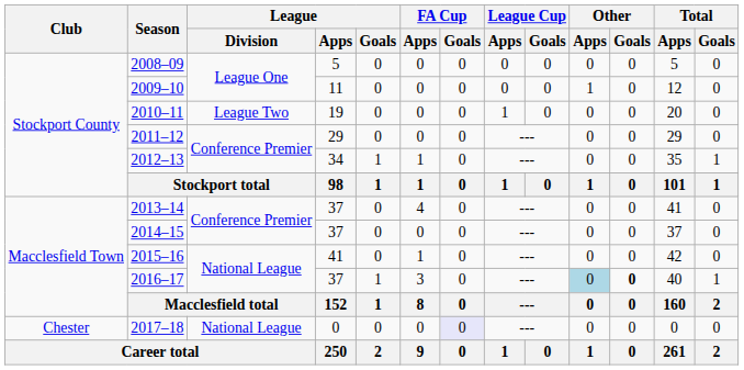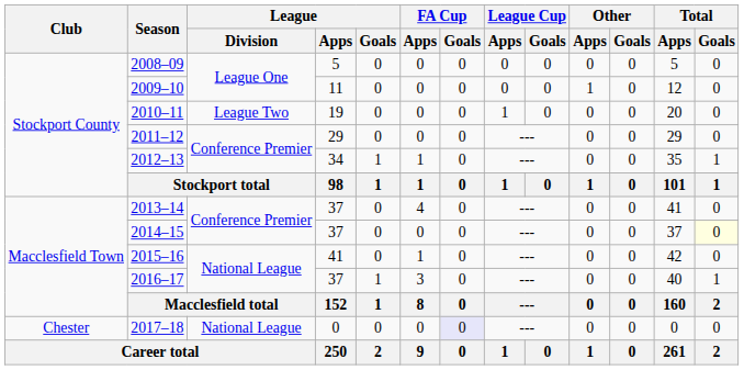 <table class="wikitable" style="text-align:center">
 <tr>
 <th rowspan="2">Club</th>
 <th rowspan="2">Season</th>
 <th colspan="3">League</th>
 <th colspan="2"><a href='#'>FA Cup</a></th>
 <th colspan="2"><a href='#'>League Cup</a></th>
 <th colspan="2">Other</th>
 <th colspan="2">Total</th>
 </tr>
 <tr>
 <th>Division</th>
 <th>Apps</th>
 <th>Goals</th>
 <th>Apps</th>
 <th>Goals</th>
 <th>Apps</th>
 <th>Goals</th>
 <th>Apps</th>
 <th>Goals</th>
 <th>Apps</th>
 <th>Goals</th>
 </tr>
 <tr>
 <td rowspan="6"><a href='#'>Stockport County</a></td>
 <td><a href='#'>2008–09</a></td>
 <td rowspan="2"><a href='#'>League One</a></td>
 <td>5</td>
 <td>0</td>
 <td>0</td>
 <td>0</td>
 <td>0</td>
 <td>0</td>
 <td>0</td>
 <td>0</td>
 <td>5</td>
 <td>0</td>
 </tr>
 <tr>
 <td><a href='#'>2009–10</a></td>
 <td>11</td>
 <td>0</td>
 <td>0</td>
 <td>0</td>
 <td>0</td>
 <td>0</td>
 <td>1</td>
 <td>0</td>
 <td>12</td>
 <td>0</td>
 </tr>
 <tr>
 <td><a href='#'>2010–11</a></td>
 <td><a href='#'>League Two</a></td>
 <td>19</td>
 <td>0</td>
 <td>0</td>
 <td>0</td>
 <td>1</td>
 <td>0</td>
 <td>0</td>
 <td>0</td>
 <td>20</td>
 <td>0</td>
 </tr>
 <tr>
 <td><a href='#'>2011–12</a></td>
 <td rowspan="2"><a href='#'>Conference Premier</a></td>
 <td>29</td>
 <td>0</td>
 <td>0</td>
 <td>0</td>
 <td colspan="2">---</td>
 <td>0</td>
 <td>0</td>
 <td>29</td>
 <td>0</td>
 </tr>
 <tr>
 <td><a href='#'>2012–13</a></td>
 <td>34</td>
 <td>1</td>
 <td>1</td>
 <td>0</td>
 <td colspan="2">---</td>
 <td>0</td>
 <td>0</td>
 <td>35</td>
 <td>1</td>
 </tr>
 <tr>
 <th colspan="2">Stockport total</th>
 <th>98</th>
 <th>1</th>
 <th>1</th>
 <th>0</th>
 <th>1</th>
 <th>0</th>
 <th>1</th>
 <th>0</th>
 <th>101</th>
 <th>1</th>
 </tr>
 <tr>
 <td rowspan="5"><a href='#'>Macclesfield Town</a></td>
 <td><a href='#'>2013–14</a></td>
 <td rowspan="2"><a href='#'>Conference Premier</a></td>
 <td>37</td>
 <td>0</td>
 <td>4</td>
 <td>0</td>
 <td colspan="2">---</td>
 <td>0</td>
 <td>0</td>
 <td>41</td>
 <td>0</td>
 </tr>
 <tr>
 <td><a href='#'>2014–15</a></td>
 <td>37</td>
 <td>0</td>
 <td>0</td>
 <td>0</td>
 <td colspan="2">---</td>
 <td>0</td>
 <td>0</td>
 <td>37</td>
-<td>0</td>
+<td style="background: lightyellow;">0</td>
 </tr>
 <tr>
 <td><a href='#'>2015–16</a></td>
 <td rowspan="2"><a href='#'>National League</a></td>
 <td>41</td>
 <td>0</td>
 <td>1</td>
 <td>0</td>
 <td colspan="2">---</td>
 <td>0</td>
 <td>0</td>
 <td>42</td>
 <td>0</td>
 </tr>
 <tr>
 <td><a href='#'>2016–17</a></td>
 <td>37</td>
 <td>1</td>
 <td>3</td>
 <td>0</td>
 <td colspan="2">---</td>
-<td style="background: lightblue;">0</td>
-<td><strong>0</strong></td>
+<td>0</td>
+<td>0</td>
 <td>40</td>
 <td>1</td>
 </tr>
 <tr>
 <th colspan="2">Macclesfield total</th>
 <th>152</th>
 <th>1</th>
 <th>8</th>
 <th>0</th>
 <th colspan="2">---</th>
 <th>0</th>
 <th>0</th>
 <th>160</th>
 <th>2</th>
 </tr>
 <tr>
 <td><a href='#'>Chester</a></td>
 <td><a href='#'>2017–18</a></td>
 <td><a href='#'>National League</a></td>
 <td>0</td>
 <td>0</td>
 <td>0</td>
 <td style="background: lavender;">0</td>
 <td colspan="2">---</td>
 <td>0</td>
 <td>0</td>
 <td>0</td>
 <td>0</td>
 </tr>
 <tr>
 <th colspan="3">Career total</th>
 <th>250</th>
 <th>2</th>
 <th>9</th>
 <th>0</th>
 <th>1</th>
 <th>0</th>
 <th>1</th>
 <th>0</th>
 <th>261</th>
 <th>2</th>
 </tr>
 </table>
